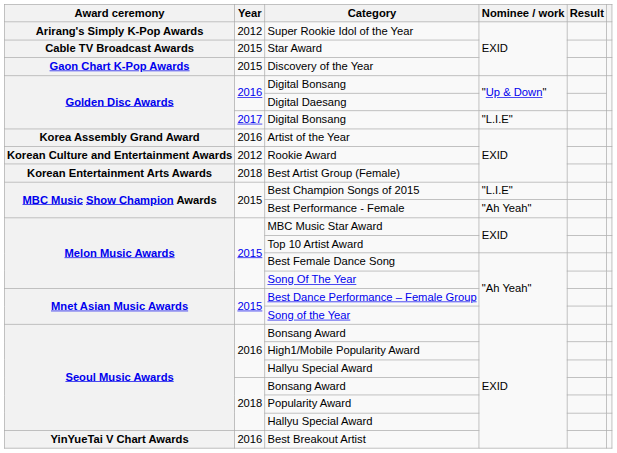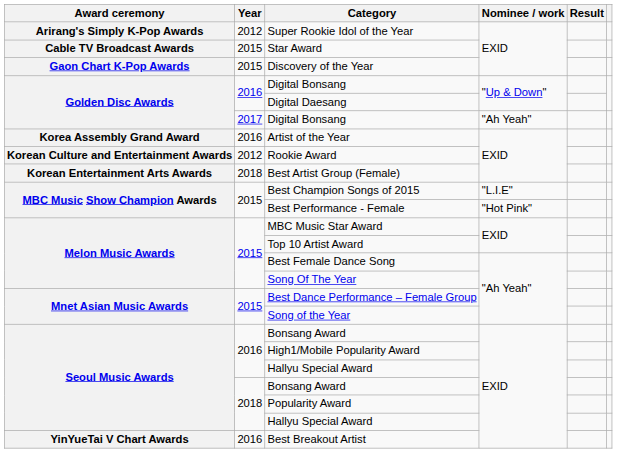 <table class="wikitable sortable plainrowheaders">
 <tr>
 <th scope="col">Award ceremony</th>
 <th scope="col">Year</th>
 <th scope="col">Category</th>
 <th scope="col">Nominee / work</th>
 <th scope="col">Result</th>
 <th scope="col" class="unsortable"></th>
 </tr>
 <tr>
 <th scope="row">Arirang's Simply K-Pop Awards</th>
 <td style="text-align:center">2012</td>
 <td>Super Rookie Idol of the Year</td>
 <td rowspan="3">EXID</td>
 <td></td>
 <td></td>
 </tr>
 <tr>
 <th scope="row">Cable TV Broadcast Awards</th>
 <td style="text-align:center">2015</td>
 <td>Star Award</td>
 <td></td>
 <td></td>
 </tr>
 <tr>
 <th scope="row"><a href='#'>Gaon Chart K-Pop Awards</a></th>
 <td style="text-align:center">2015</td>
 <td>Discovery of the Year</td>
 <td></td>
 <td style="text-align:center"></td>
 </tr>
 <tr>
 <th scope="row" rowspan="3"><a href='#'>Golden Disc Awards</a></th>
 <td style="text-align:center" rowspan="2"><a href='#'>2016</a></td>
 <td>Digital Bonsang</td>
 <td rowspan="2">"<a href='#'>Up & Down</a>"</td>
 <td></td>
 <td style="text-align:center" rowspan="2"></td>
 </tr>
 <tr>
 <td>Digital Daesang</td>
 <td></td>
 </tr>
 <tr>
 <td style="text-align:center"><a href='#'>2017</a></td>
 <td>Digital Bonsang</td>
-<td>"L.I.E"</td>
+<td>"Ah Yeah"</td>
 <td></td>
 <td style="text-align:center"></td>
 </tr>
 <tr>
 <th scope="row">Korea Assembly Grand Award</th>
 <td style="text-align:center">2016</td>
 <td>Artist of the Year</td>
 <td rowspan="3">EXID</td>
 <td></td>
 <td></td>
 </tr>
 <tr>
 <th scope="row">Korean Culture and Entertainment Awards</th>
 <td style="text-align:center">2012</td>
 <td>Rookie Award</td>
 <td></td>
 <td style="text-align:center"></td>
 </tr>
 <tr>
 <th scope="row">Korean Entertainment Arts Awards</th>
 <td style="text-align:center">2018</td>
 <td>Best Artist Group (Female)</td>
 <td></td>
 <td></td>
 </tr>
 <tr>
 <th scope="row" rowspan="2"><a href='#'>MBC Music</a> <a href='#'>Show Champion</a> Awards</th>
 <td style="text-align:center" rowspan="2">2015</td>
 <td>Best Champion Songs of 2015</td>
 <td>"L.I.E"</td>
 <td></td>
 <td></td>
 </tr>
 <tr>
 <td>Best Performance - Female</td>
-<td>"Ah Yeah"</td>
+<td>"Hot Pink"</td>
 <td></td>
 <td style="text-align:center"></td>
 </tr>
 <tr>
 <th scope="row" rowspan="4"><a href='#'>Melon Music Awards</a></th>
 <td style="text-align:center" rowspan="4"><a href='#'>2015</a></td>
 <td>MBC Music Star Award</td>
 <td rowspan="2'">EXID</td>
 <td></td>
 <td style="text-align:center"></td>
 </tr>
 <tr>
 <td>Top 10 Artist Award</td>
 <td></td>
 <td></td>
 </tr>
 <tr>
 <td>Best Female Dance Song</td>
 <td rowspan="4">"Ah Yeah"</td>
 <td></td>
 <td></td>
 </tr>
 <tr>
 <td><a href='#'>Song Of The Year</a></td>
 <td></td>
 <td></td>
 </tr>
 <tr>
 <th scope="row" rowspan="2"><a href='#'>Mnet Asian Music Awards</a></th>
 <td style="text-align:center" rowspan="2"><a href='#'>2015</a></td>
 <td><a href='#'>Best Dance Performance – Female Group</a></td>
 <td></td>
 <td style="text-align:center"></td>
 </tr>
 <tr>
 <td><a href='#'>Song of the Year</a></td>
 <td></td>
 <td></td>
 </tr>
 <tr>
 <th scope="row" rowspan="6"><a href='#'>Seoul Music Awards</a></th>
 <td style="text-align:center" rowspan="3">2016</td>
 <td>Bonsang Award</td>
 <td rowspan="7">EXID</td>
 <td></td>
 <td style="text-align:center"></td>
 </tr>
 <tr>
 <td>High1/Mobile Popularity Award</td>
 <td></td>
 <td></td>
 </tr>
 <tr>
 <td>Hallyu Special Award</td>
 <td></td>
 <td></td>
 </tr>
 <tr>
 <td style="text-align:center" rowspan="3">2018</td>
 <td>Bonsang Award</td>
 <td></td>
 <td></td>
 </tr>
 <tr>
 <td>Popularity Award</td>
 <td></td>
 <td></td>
 </tr>
 <tr>
 <td>Hallyu Special Award</td>
 <td></td>
 <td></td>
 </tr>
 <tr>
 <th scope="row">YinYueTai V Chart Awards</th>
 <td style="text-align:center">2016</td>
 <td>Best Breakout Artist</td>
 <td></td>
 <td></td>
 </tr>
 </table>
